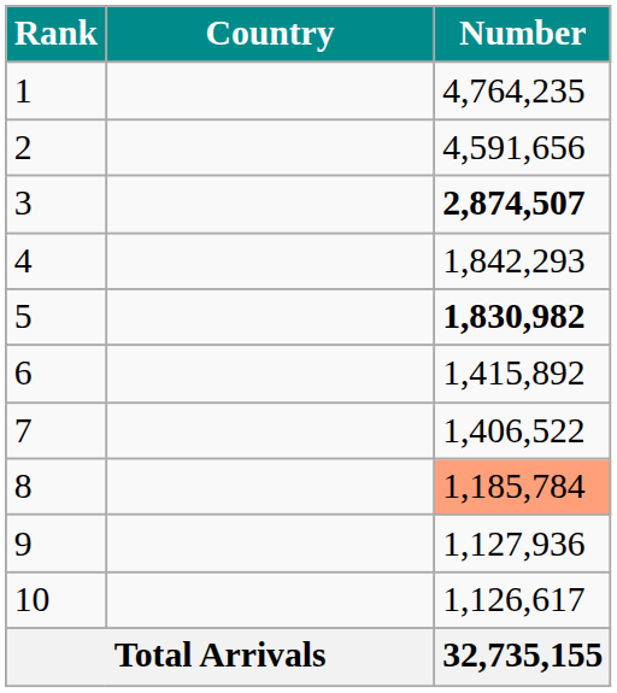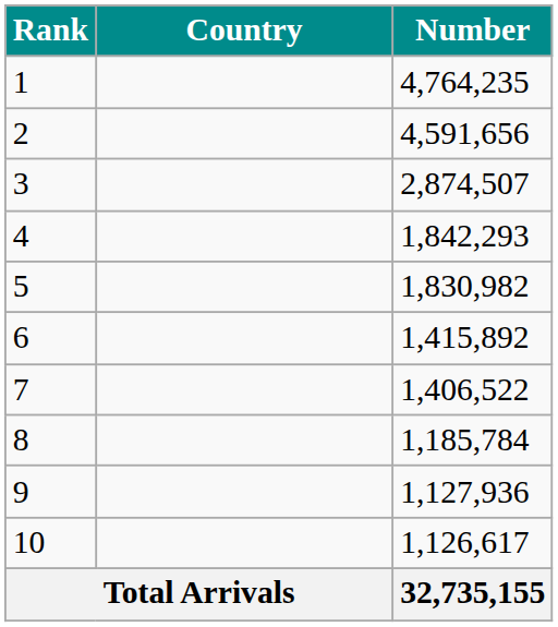 <table class="wikitable">
 <tr>
 </tr>
 <tr style="color:white;">
 <th style="width:5px; background:#008B8B;">Rank</th>
 <th style="width:140px; background:#008B8B;">Country</th>
 <th style="width:50px; background:#008B8B;">Number</th>
 </tr>
 <tr>
 <td>1</td>
 <td></td>
 <td>4,764,235</td>
 </tr>
 <tr>
 <td>2</td>
 <td></td>
 <td>4,591,656</td>
 </tr>
 <tr>
 <td>3</td>
 <td></td>
-<td><strong>2,874,507</strong></td>
+<td>2,874,507</td>
 </tr>
 <tr>
 <td>4</td>
 <td></td>
 <td>1,842,293</td>
 </tr>
 <tr>
 <td>5</td>
 <td></td>
-<td><strong>1,830,982</strong></td>
+<td>1,830,982</td>
 </tr>
 <tr>
 <td>6</td>
 <td></td>
 <td>1,415,892</td>
 </tr>
 <tr>
 <td>7</td>
 <td></td>
 <td>1,406,522</td>
 </tr>
 <tr>
 <td>8</td>
 <td></td>
-<td style="background: lightsalmon;">1,185,784</td>
+<td>1,185,784</td>
 </tr>
 <tr>
 <td>9</td>
 <td></td>
 <td>1,127,936</td>
 </tr>
 <tr>
 <td>10</td>
 <td></td>
 <td>1,126,617</td>
 </tr>
 <tr>
 <th colspan=2>Total Arrivals</th>
 <th>32,735,155</th>
 </tr>
 </table>
